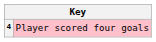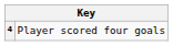 <table class="wikitable plainrowheaders">
 <tr>
 <th colspan="2" scope="col">Key</th>
 </tr>
 <tr>
 <th align="left" scope="row"><sup>4</sup></th>
-<td align="left" style="background: pink;">Player scored four goals</td>
+<td align="left">Player scored four goals</td>
 </tr>
 </table>
